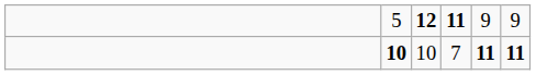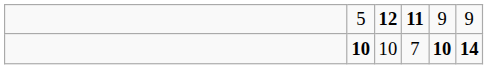 <table class="wikitable">
 <tr>
 <td style="width:18em"></td>
 <td align=center style="width:1em">5</td>
 <td align=center style="width:1em"><strong>12</strong></td>
 <td align=center style="width:1em"><strong>11</strong></td>
 <td align=center style="width:1em">9</td>
 <td align=center style="width:1em">9</td>
 </tr>
 <tr>
 <td style="width:18em"><strong></strong></td>
 <td align=center style="width:1em"><strong>10</strong></td>
 <td align=center style="width:1em">10</td>
 <td align=center style="width:1em">7</td>
-<td align=center style="width:1em"><strong>11</strong></td>
-<td align=center style="width:1em"><strong>11</strong></td>
+<td align=center style="width:1em"><strong>10</strong></td>
+<td align=center style="width:1em"><strong>14</strong></td>
 </tr>
 </table>
